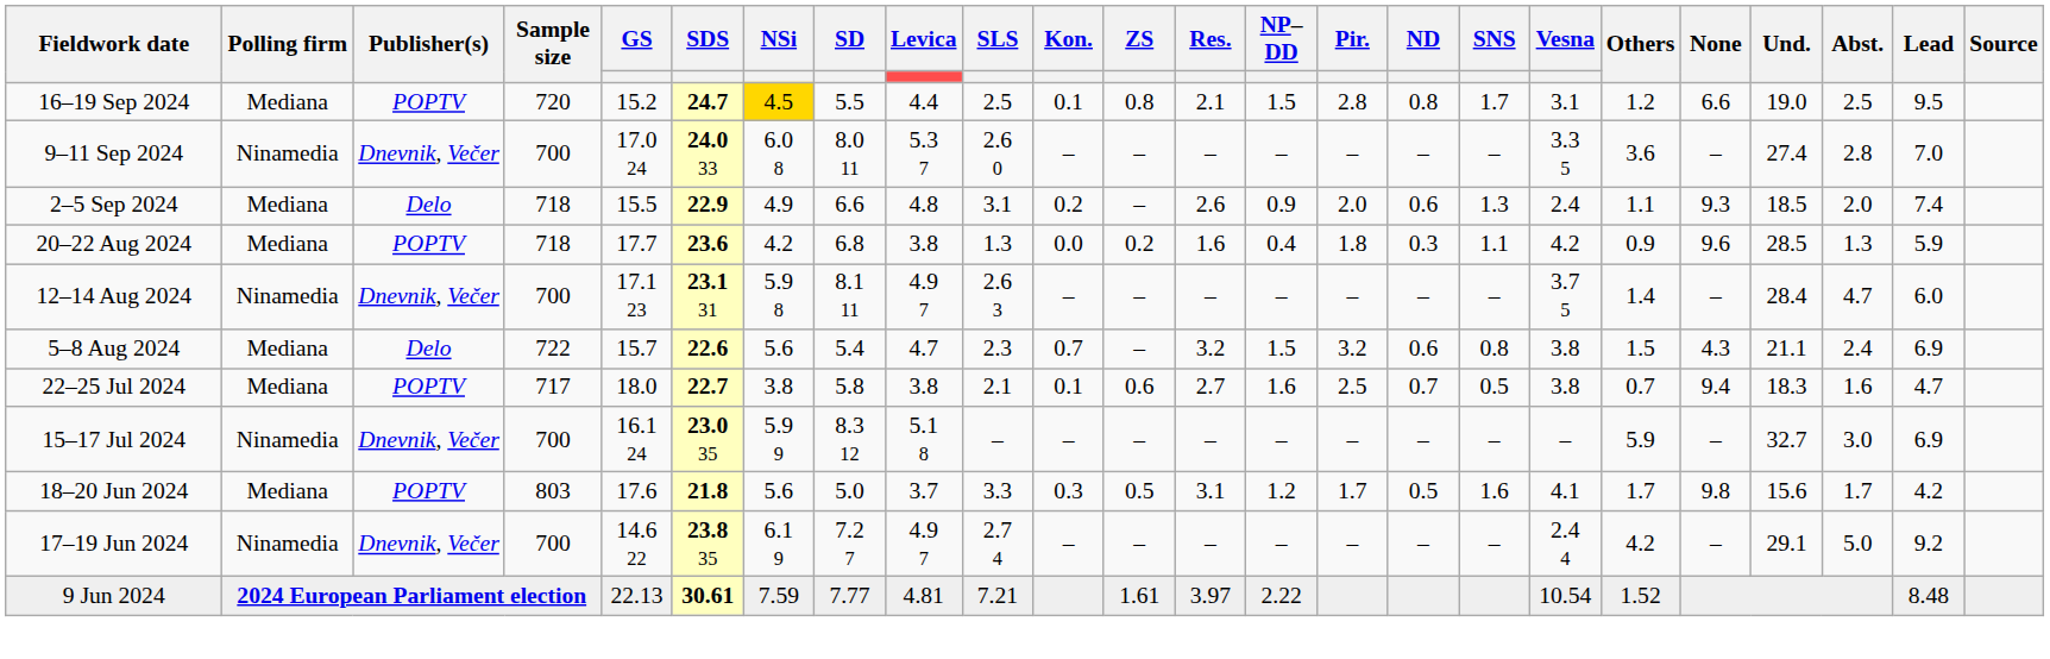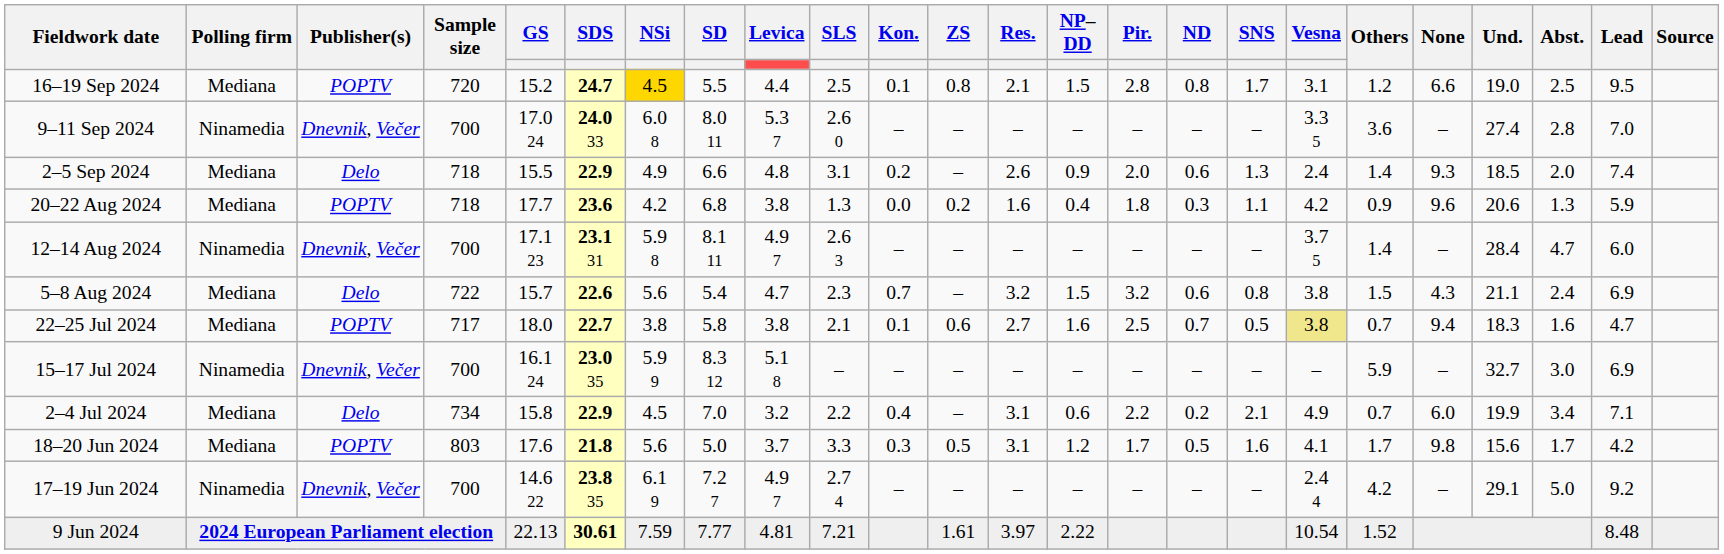 <table class="wikitable sortable" style="text-align:center;font-size:85%;line-height:16px">
 <tr>
 <th rowspan="2" style="width:120px;">Fieldwork date</th>
 <th rowspan="2">Polling firm</th>
 <th rowspan="2">Publisher(s)</th>
 <th rowspan="2" style="width:50px;" class="unsortable">Sample size</th>
 <th style="width:35px;" class="unsortable"><a href='#'>GS</a></th>
 <th style="width:35px;" class="unsortable"><a href='#'>SDS</a></th>
 <th style="width:35px;" class="unsortable"><a href='#'>NSi</a></th>
 <th style="width:35px;" class="unsortable"><a href='#'>SD</a></th>
 <th style="width:35px;" class="unsortable"><a href='#'>Levica</a></th>
 <th style="width:35px;" class="unsortable"><a href='#'>SLS</a></th>
 <th style="width:35px;" class="unsortable"><a href='#'>Kon.</a></th>
 <th style="width:35px;" class="unsortable"><a href='#'>ZS</a></th>
 <th style="width:35px;" class="unsortable"><a href='#'>Res.</a></th>
 <th style="width:35px;" class="unsortable"><a href='#'>NP</a>–<a href='#'>DD</a></th>
 <th style="width:35px;" class="unsortable"><a href='#'>Pir.</a></th>
 <th style="width:35px;" class="unsortable"><a href='#'>ND</a></th>
 <th style="width:35px;" class="unsortable"><a href='#'>SNS</a></th>
 <th style="width:35px;" class="unsortable"><a href='#'>Vesna</a></th>
 <th rowspan="2" style="width:35px;" class="unsortable">Others</th>
 <th rowspan="2" style="width:35px;" class="unsortable">None</th>
 <th rowspan="2" style="width:35px;" class="unsortable">Und.</th>
 <th rowspan="2" style="width:35px;" class="unsortable">Abst.</th>
 <th rowspan="2" style="width:35px;" class="unsortable">Lead</th>
 <th rowspan="2" class="unsortable">Source</th>
 </tr>
 <tr>
 <th class="unsortable" style="background:"></th>
 <th class="unsortable" style="background:"></th>
 <th class="unsortable" style="background:"></th>
 <th class="unsortable" style="background:"></th>
 <th class="unsortable" style="background:#ff4d4d; width:30px;"></th>
 <th class="unsortable" style="background:"></th>
 <th class="unsortable" style="background:"></th>
 <th class="unsortable" style="background:"></th>
 <th class="unsortable" style="background:"></th>
 <th class="unsortable" style="background:"></th>
 <th class="unsortable" style="background:"></th>
 <th class="unsortable" style="background:"></th>
 <th class="unsortable" style="background:"></th>
 <th class="unsortable" style="background:"></th>
 </tr>
 <tr>
 <td data-sort-value="2024-09-19">16–19 Sep 2024</td>
 <td>Mediana</td>
 <td><em><a href='#'>POPTV</a></em></td>
 <td>720</td>
 <td>15.2</td>
 <td style="background:#FFFFBF;"><strong>24.7</strong></td>
 <td style="background: gold;">4.5</td>
 <td>5.5</td>
 <td>4.4</td>
 <td>2.5</td>
 <td>0.1</td>
 <td>0.8</td>
 <td>2.1</td>
 <td>1.5</td>
 <td>2.8</td>
 <td>0.8</td>
 <td>1.7</td>
 <td>3.1</td>
 <td>1.2</td>
 <td>6.6</td>
 <td>19.0</td>
 <td>2.5</td>
 <td style="background:">9.5</td>
 <td></td>
 </tr>
 <tr>
 <td data-sort-value="2024-09-11">9–11 Sep 2024</td>
 <td>Ninamedia</td>
 <td><a href='#'><em>Dnevnik</em></a>, <a href='#'><em>Večer</em></a></td>
 <td>700</td>
 <td>17.0<br><small>24</small></td>
 <td style="background:#FFFFBF;"><strong>24.0</strong><br><small>33</small></td>
 <td>6.0<br><small>8</small></td>
 <td>8.0<br><small>11</small></td>
 <td>5.3<br><small>7</small></td>
 <td>2.6<br><small>0</small></td>
 <td>–</td>
 <td>–</td>
 <td>–</td>
 <td>–</td>
 <td>–</td>
 <td>–</td>
 <td>–</td>
 <td>3.3<br><small>5</small></td>
 <td>3.6</td>
 <td>–</td>
 <td>27.4</td>
 <td>2.8</td>
 <td style="background:">7.0</td>
 <td></td>
 </tr>
 <tr>
 <td data-sort-value="2024-09-05">2–5 Sep 2024</td>
 <td>Mediana</td>
 <td><em><a href='#'>Delo</a></em></td>
 <td>718</td>
 <td>15.5</td>
 <td style="background:#FFFFBF;"><strong>22.9</strong></td>
 <td>4.9</td>
 <td>6.6</td>
 <td>4.8</td>
 <td>3.1</td>
 <td>0.2</td>
 <td>–</td>
 <td>2.6</td>
 <td>0.9</td>
 <td>2.0</td>
 <td>0.6</td>
 <td>1.3</td>
 <td>2.4</td>
-<td>1.1</td>
+<td>1.4</td>
 <td>9.3</td>
 <td>18.5</td>
 <td>2.0</td>
 <td style="background:">7.4</td>
 <td></td>
 </tr>
 <tr>
 <td data-sort-value="2024-08-22">20–22 Aug 2024</td>
 <td>Mediana</td>
 <td><em><a href='#'>POPTV</a></em></td>
 <td>718</td>
 <td>17.7</td>
 <td style="background:#FFFFBF;"><strong>23.6</strong></td>
 <td>4.2</td>
 <td>6.8</td>
 <td>3.8</td>
 <td>1.3</td>
 <td>0.0</td>
 <td>0.2</td>
 <td>1.6</td>
 <td>0.4</td>
 <td>1.8</td>
 <td>0.3</td>
 <td>1.1</td>
 <td>4.2</td>
 <td>0.9</td>
 <td>9.6</td>
-<td>28.5</td>
+<td>20.6</td>
 <td>1.3</td>
 <td style="background:">5.9</td>
 <td></td>
 </tr>
 <tr>
 <td data-sort-value="2024-08-14">12–14 Aug 2024</td>
 <td>Ninamedia</td>
 <td><a href='#'><em>Dnevnik</em></a>, <a href='#'><em>Večer</em></a></td>
 <td>700</td>
 <td>17.1<br><small>23</small></td>
 <td style="background:#FFFFBF;"><strong>23.1</strong><br><small>31</small></td>
 <td>5.9<br><small>8</small></td>
 <td>8.1<br><small>11</small></td>
 <td>4.9<br><small>7</small></td>
 <td>2.6<br><small>3</small></td>
 <td>–</td>
 <td>–</td>
 <td>–</td>
 <td>–</td>
 <td>–</td>
 <td>–</td>
 <td>–</td>
 <td>3.7<br><small>5</small></td>
 <td>1.4</td>
 <td>–</td>
 <td>28.4</td>
 <td>4.7</td>
 <td style="background:">6.0</td>
 <td></td>
 </tr>
 <tr>
 <td data-sort-value="2024-08-08">5–8 Aug 2024</td>
 <td>Mediana</td>
 <td><em><a href='#'>Delo</a></em></td>
 <td>722</td>
 <td>15.7</td>
 <td style="background:#FFFFBF;"><strong>22.6</strong></td>
 <td>5.6</td>
 <td>5.4</td>
 <td>4.7</td>
 <td>2.3</td>
 <td>0.7</td>
 <td>–</td>
 <td>3.2</td>
 <td>1.5</td>
 <td>3.2</td>
 <td>0.6</td>
 <td>0.8</td>
 <td>3.8</td>
 <td>1.5</td>
 <td>4.3</td>
 <td>21.1</td>
 <td>2.4</td>
 <td style="background:">6.9</td>
 <td></td>
 </tr>
 <tr>
 <td data-sort-value="2024-07-25">22–25 Jul 2024</td>
 <td>Mediana</td>
 <td><em><a href='#'>POPTV</a></em></td>
 <td>717</td>
 <td>18.0</td>
 <td style="background:#FFFFBF;"><strong>22.7</strong></td>
 <td>3.8</td>
 <td>5.8</td>
 <td>3.8</td>
 <td>2.1</td>
 <td>0.1</td>
 <td>0.6</td>
 <td>2.7</td>
 <td>1.6</td>
 <td>2.5</td>
 <td>0.7</td>
 <td>0.5</td>
-<td>3.8</td>
+<td style="background: khaki;">3.8</td>
 <td>0.7</td>
 <td>9.4</td>
 <td>18.3</td>
 <td>1.6</td>
 <td style="background:">4.7</td>
 <td></td>
 </tr>
 <tr>
 <td data-sort-value="2024-07-17">15–17 Jul 2024</td>
 <td>Ninamedia</td>
 <td><a href='#'><em>Dnevnik</em></a>, <a href='#'><em>Večer</em></a></td>
 <td>700</td>
 <td>16.1<br><small>24</small></td>
 <td style="background:#FFFFBF;"><strong>23.0</strong><br><small>35</small></td>
 <td>5.9<br><small>9</small></td>
 <td>8.3<br><small>12</small></td>
 <td>5.1<br><small>8</small></td>
 <td>–</td>
 <td>–</td>
 <td>–</td>
 <td>–</td>
 <td>–</td>
 <td>–</td>
 <td>–</td>
 <td>–</td>
 <td>–</td>
 <td>5.9</td>
 <td>–</td>
 <td>32.7</td>
 <td>3.0</td>
 <td style="background:">6.9</td>
+<td></td>
+</tr>
+<tr>
+<td data-sort-value="2024-07-04">2–4 Jul 2024</td>
+<td>Mediana</td>
+<td><em><a href='#'>Delo</a></em></td>
+<td>734</td>
+<td>15.8</td>
+<td style="background:#FFFFBF;"><strong>22.9</strong></td>
+<td>4.5</td>
+<td>7.0</td>
+<td>3.2</td>
+<td>2.2</td>
+<td>0.4</td>
+<td>–</td>
+<td>3.1</td>
+<td>0.6</td>
+<td>2.2</td>
+<td>0.2</td>
+<td>2.1</td>
+<td>4.9</td>
+<td>0.7</td>
+<td>6.0</td>
+<td>19.9</td>
+<td>3.4</td>
+<td style="background:">7.1</td>
 <td></td>
 </tr>
 <tr>
 <td data-sort-value="2024-06-20">18–20 Jun 2024</td>
 <td>Mediana</td>
 <td><em><a href='#'>POPTV</a></em></td>
 <td>803</td>
 <td>17.6</td>
 <td style="background:#FFFFBF;"><strong>21.8</strong></td>
 <td>5.6</td>
 <td>5.0</td>
 <td>3.7</td>
 <td>3.3</td>
 <td>0.3</td>
 <td>0.5</td>
 <td>3.1</td>
 <td>1.2</td>
 <td>1.7</td>
 <td>0.5</td>
 <td>1.6</td>
 <td>4.1</td>
 <td>1.7</td>
 <td>9.8</td>
 <td>15.6</td>
 <td>1.7</td>
 <td style="background:">4.2</td>
 <td></td>
 </tr>
 <tr>
 <td data-sort-value="2024-06-19">17–19 Jun 2024</td>
 <td>Ninamedia</td>
 <td><a href='#'><em>Dnevnik</em></a>, <a href='#'><em>Večer</em></a></td>
 <td>700</td>
 <td>14.6<br><small>22</small></td>
 <td style="background:#FFFFBF;"><strong>23.8</strong><br><small>35</small></td>
 <td>6.1<br><small>9</small></td>
 <td>7.2<br><small>7</small></td>
 <td>4.9<br><small>7</small></td>
 <td>2.7<br><small>4</small></td>
 <td>–</td>
 <td>–</td>
 <td>–</td>
 <td>–</td>
 <td>–</td>
 <td>–</td>
 <td>–</td>
 <td>2.4<br><small>4</small></td>
 <td>4.2</td>
 <td>–</td>
 <td>29.1</td>
 <td>5.0</td>
 <td style="background:">9.2</td>
 <td></td>
 </tr>
 <tr style="background:#EFEFEF;">
 <td data-sort-value="2024-06-09">9 Jun 2024</td>
 <td colspan="3"><strong><a href='#'>2024 European Parliament election</a></strong></td>
 <td>22.13</td>
 <td style="background:#FFFFBF;"><strong>30.61</strong></td>
 <td>7.59</td>
 <td>7.77</td>
 <td>4.81</td>
 <td>7.21</td>
 <td></td>
 <td>1.61</td>
 <td>3.97</td>
 <td>2.22</td>
 <td></td>
 <td></td>
 <td></td>
 <td>10.54</td>
 <td>1.52</td>
 <td colspan="3"></td>
 <td style="background:">8.48</td>
 <td></td>
 </tr>
 </table>
